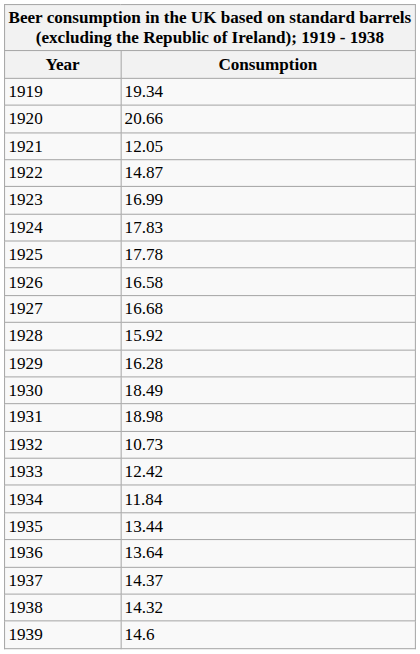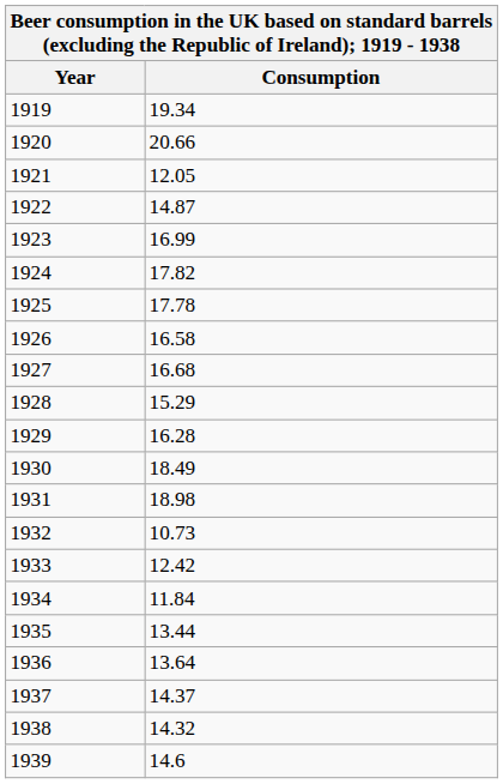 <table class="wikitable mw-collapsible">
 <tr>
 <th colspan="2">Beer consumption in the UK based on standard barrels<br>(excluding the Republic of Ireland);  1919 - 1938</th>
 </tr>
 <tr>
 <th>Year</th>
 <th>Consumption</th>
 </tr>
 <tr>
 <td>1919</td>
 <td>19.34</td>
 </tr>
 <tr>
 <td>1920</td>
 <td>20.66</td>
 </tr>
 <tr>
 <td>1921</td>
 <td>12.05</td>
 </tr>
 <tr>
 <td>1922</td>
 <td>14.87</td>
 </tr>
 <tr>
 <td>1923</td>
 <td>16.99</td>
 </tr>
 <tr>
 <td>1924</td>
-<td>17.83</td>
+<td>17.82</td>
 </tr>
 <tr>
 <td>1925</td>
 <td>17.78</td>
 </tr>
 <tr>
 <td>1926</td>
 <td>16.58</td>
 </tr>
 <tr>
 <td>1927</td>
 <td>16.68</td>
 </tr>
 <tr>
 <td>1928</td>
-<td>15.92</td>
+<td>15.29</td>
 </tr>
 <tr>
 <td>1929</td>
 <td>16.28</td>
 </tr>
 <tr>
 <td>1930</td>
 <td>18.49</td>
 </tr>
 <tr>
 <td>1931</td>
 <td>18.98</td>
 </tr>
 <tr>
 <td>1932</td>
 <td>10.73</td>
 </tr>
 <tr>
 <td>1933</td>
 <td>12.42</td>
 </tr>
 <tr>
 <td>1934</td>
 <td>11.84</td>
 </tr>
 <tr>
 <td>1935</td>
 <td>13.44</td>
 </tr>
 <tr>
 <td>1936</td>
 <td>13.64</td>
 </tr>
 <tr>
 <td>1937</td>
 <td>14.37</td>
 </tr>
 <tr>
 <td>1938</td>
 <td>14.32</td>
 </tr>
 <tr>
 <td>1939</td>
 <td>14.6</td>
 </tr>
 </table>
